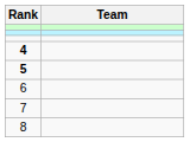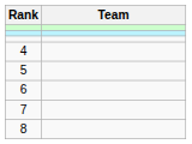 <table class="wikitable" style="text-align: center;">
 <tr>
 <th width=40>Rank</th>
 <th width=180>Team</th>
 </tr>
 <tr style="background-color:#ccffcc;">
 <td></td>
 <td align=left></td>
 </tr>
 <tr style="background: #BBF3FF;">
 <td></td>
 <td align=left></td>
 </tr>
 <tr>
 <td></td>
 <td align=left></td>
 </tr>
 <tr>
-<td><strong>4</strong></td>
+<td>4</td>
 <td align=left></td>
 </tr>
 <tr>
-<td><strong>5</strong></td>
+<td>5</td>
 <td align=left></td>
 </tr>
 <tr>
 <td>6</td>
 <td align=left></td>
 </tr>
 <tr>
 <td>7</td>
 <td align=left></td>
 </tr>
 <tr>
 <td>8</td>
 <td align=left></td>
 </tr>
 </table>
